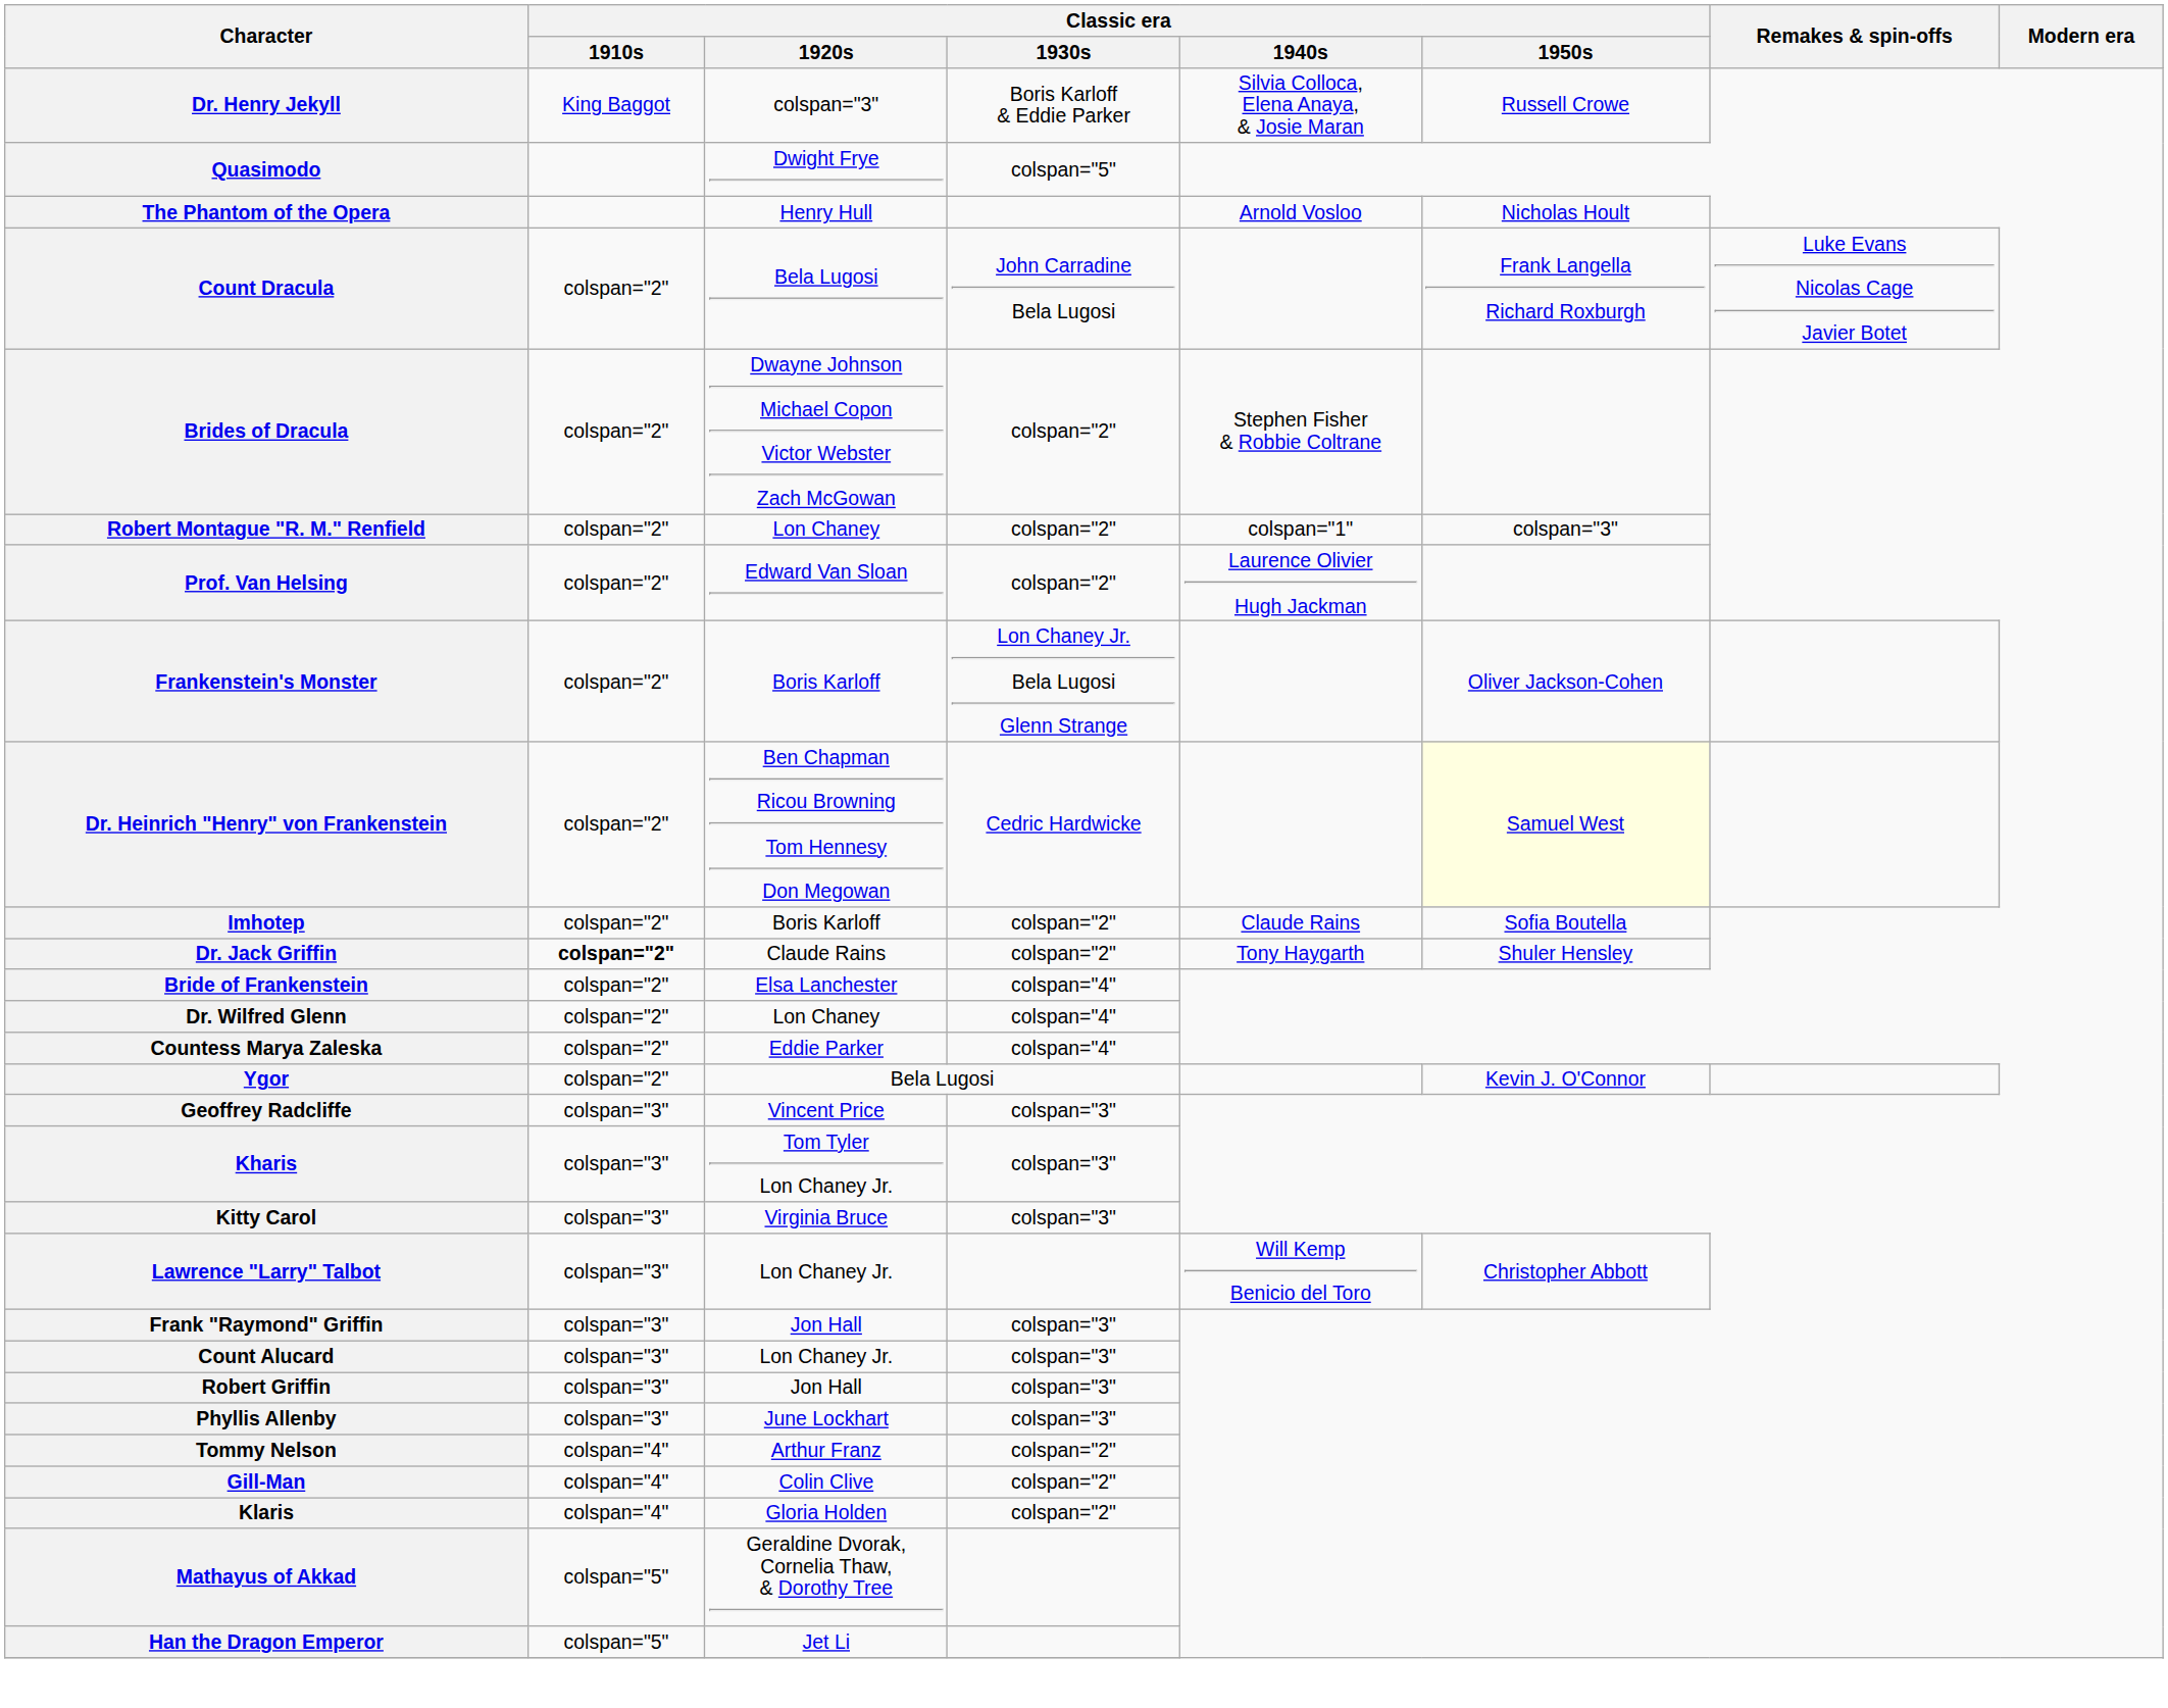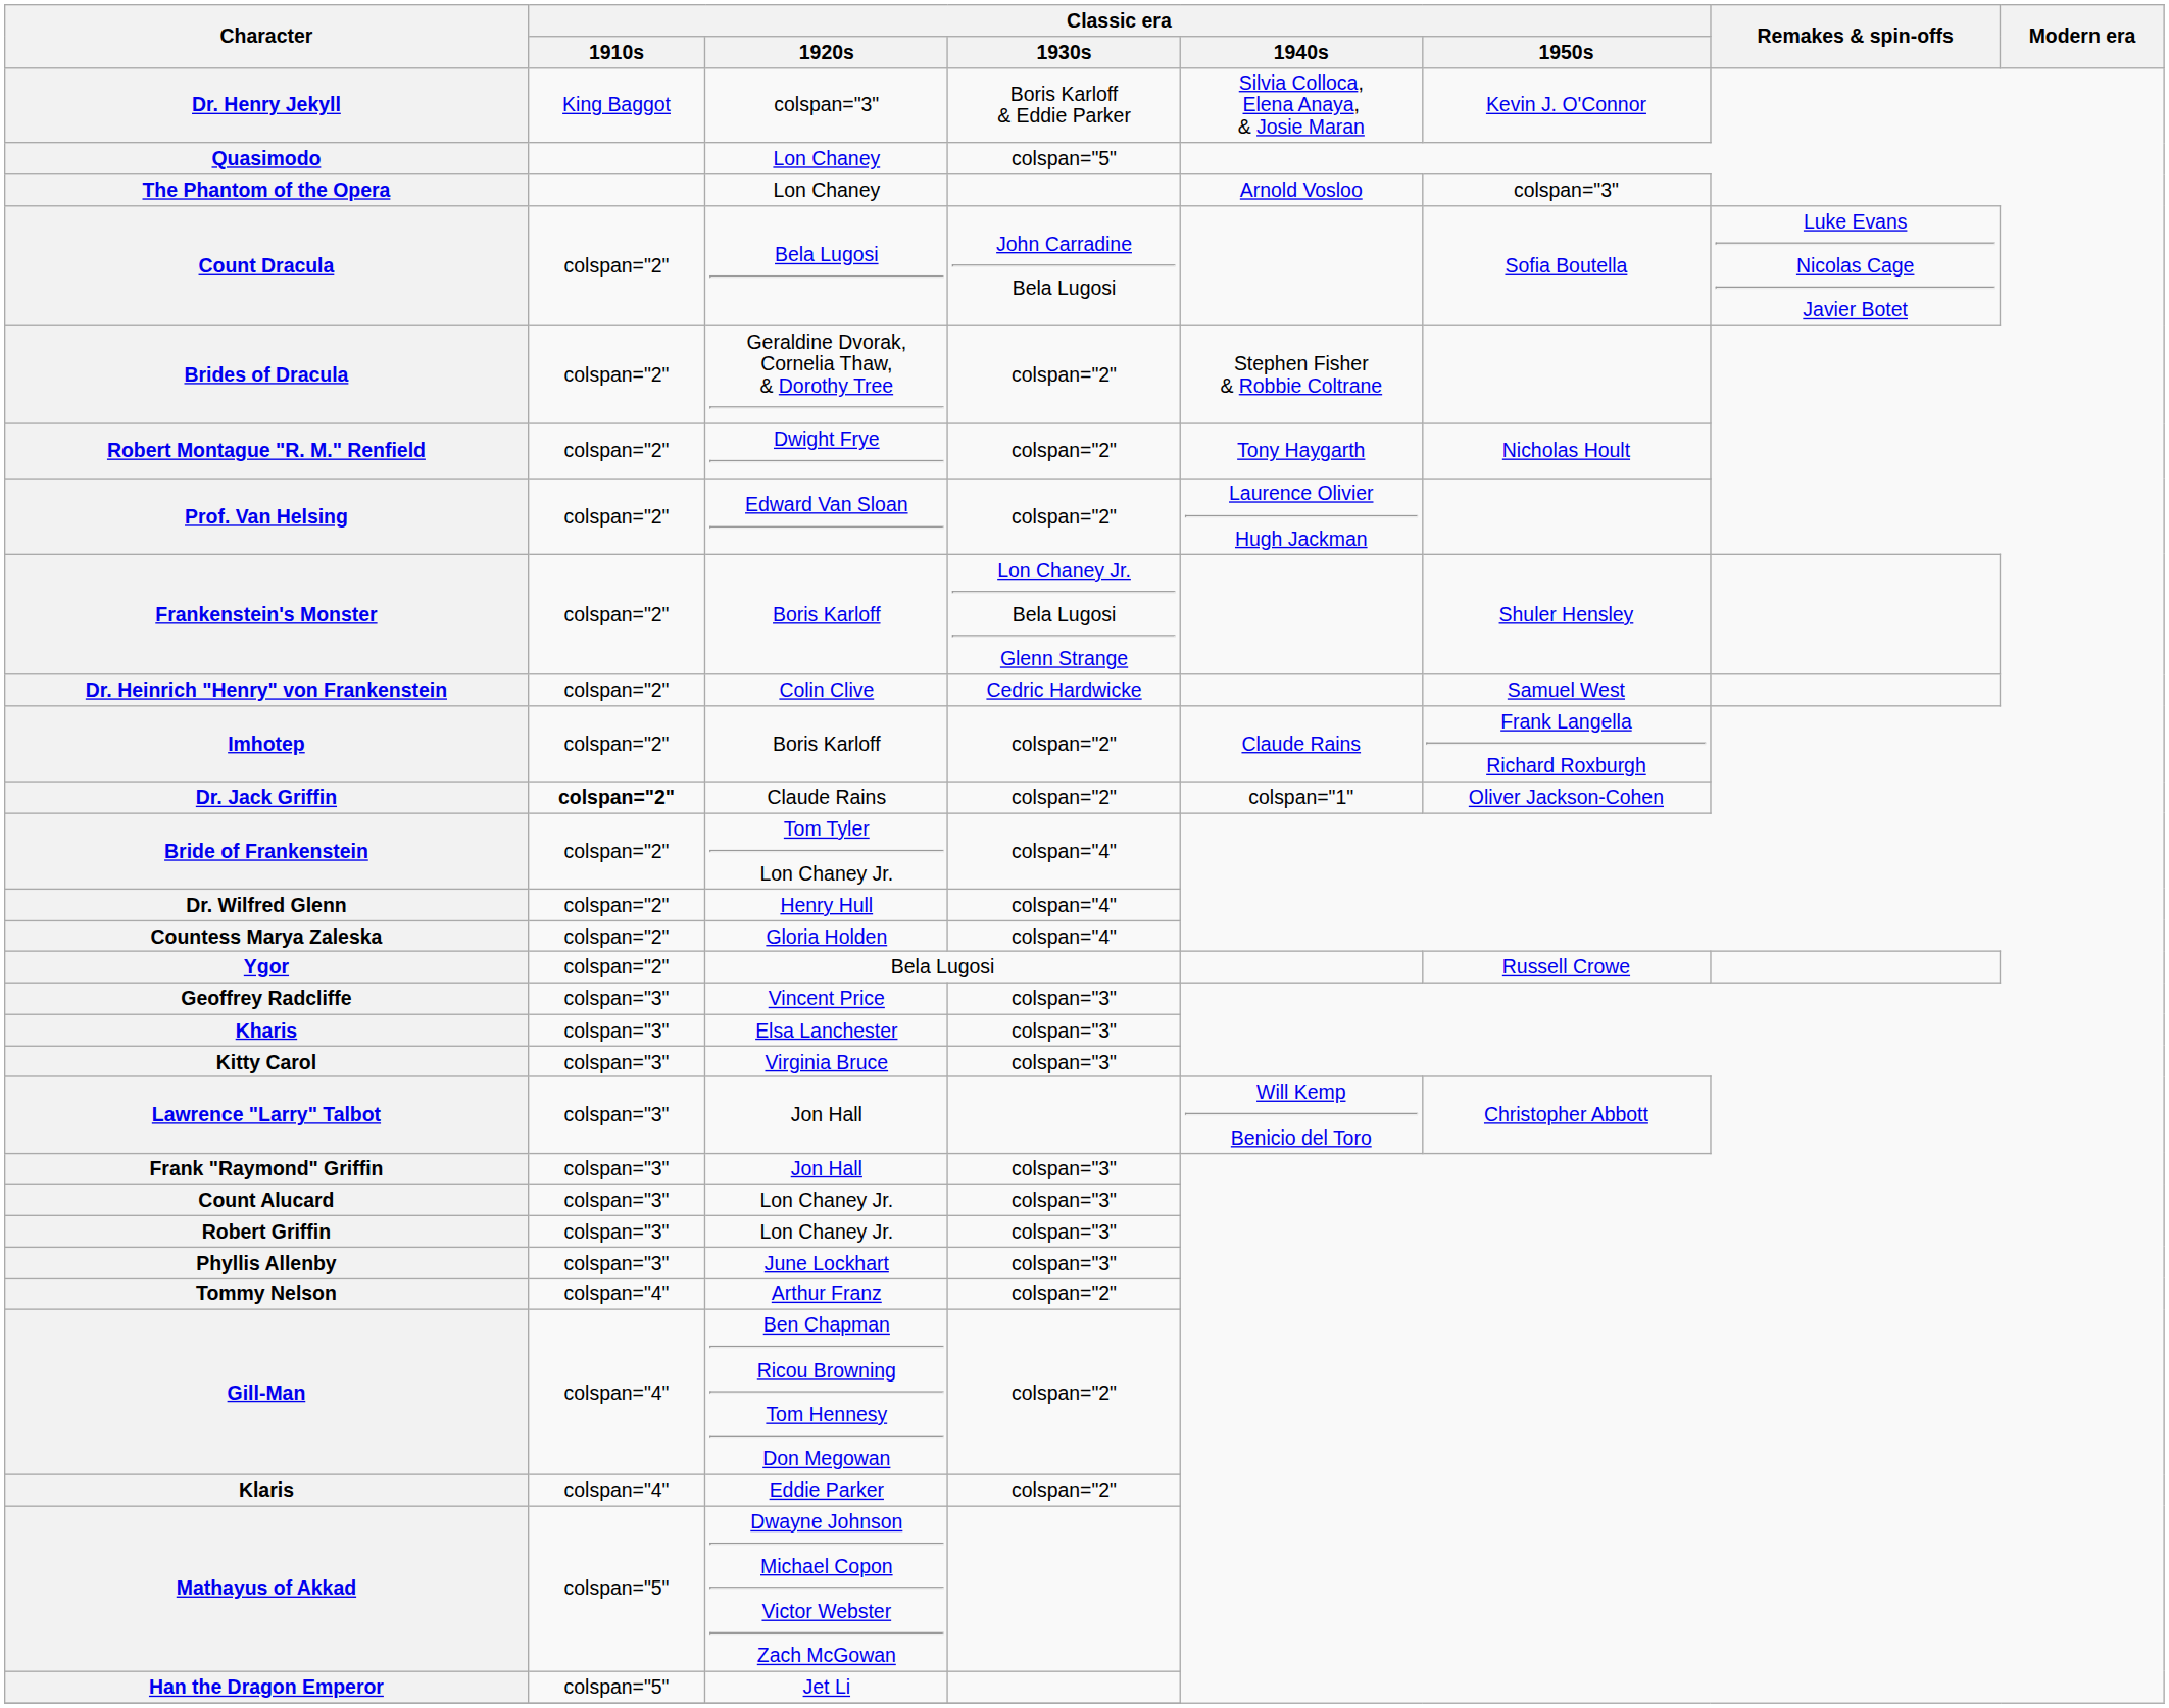 <table class="wikitable" style="text-align:center; width:99%; font-size:90%;">
 <tr>
 <th rowspan="2">Character</th>
 <th colspan="5">Classic era</th>
 <th rowspan="2">Remakes & spin-offs</th>
 <th rowspan="2">Modern era</th>
 </tr>
 <tr>
 <th>1910s</th>
 <th>1920s</th>
 <th>1930s</th>
 <th>1940s</th>
 <th>1950s</th>
 </tr>
 <tr>
 <th><a href='#'>Dr. Henry Jekyll<br></a></th>
 <td><a href='#'>King Baggot</a></td>
 <td>colspan="3" </td>
 <td>Boris Karloff <br>& Eddie Parker</td>
 <td><a href='#'>Silvia Colloca</a>, <br><a href='#'>Elena Anaya</a>, <br>& <a href='#'>Josie Maran</a></td>
-<td><a href='#'>Russell Crowe</a></td>
+<td><a href='#'>Kevin J. O'Connor</a></td>
 </tr>
 <tr>
 <th><a href='#'>Quasimodo <br></a></th>
 <td></td>
-<td><a href='#'>Dwight Frye</a> <hr></td>
+<td><a href='#'>Lon Chaney</a></td>
 <td>colspan="5" </td>
 </tr>
 <tr>
 <th><a href='#'>The Phantom of the Opera</a></th>
 <td></td>
-<td><a href='#'>Henry Hull</a></td>
+<td>Lon Chaney</td>
 <td></td>
 <td><a href='#'>Arnold Vosloo</a></td>
-<td><a href='#'>Nicholas Hoult</a></td>
+<td>colspan="3" </td>
 </tr>
 <tr>
 <th><a href='#'>Count Dracula</a></th>
 <td>colspan="2" </td>
 <td><a href='#'>Bela Lugosi</a><hr></td>
 <td><a href='#'>John Carradine</a> <hr>Bela Lugosi</td>
 <td></td>
-<td><a href='#'>Frank Langella</a><hr><a href='#'>Richard Roxburgh</a></td>
+<td><a href='#'>Sofia Boutella</a></td>
 <td><a href='#'>Luke Evans</a><hr><a href='#'>Nicolas Cage</a><hr><a href='#'>Javier Botet</a></td>
 </tr>
 <tr>
 <th><a href='#'>Brides of Dracula</a></th>
 <td>colspan="2" </td>
-<td><a href='#'>Dwayne Johnson</a> <hr><a href='#'>Michael Copon</a> <hr><a href='#'>Victor Webster</a> <hr><a href='#'>Zach McGowan</a></td>
+<td>Geraldine Dvorak, <br>Cornelia Thaw, <br>& <a href='#'>Dorothy Tree</a> <hr></td>
 <td>colspan="2" </td>
 <td>Stephen Fisher <br>& <a href='#'>Robbie Coltrane</a></td>
 <td></td>
 </tr>
 <tr>
 <th><a href='#'>Robert Montague "R. M." Renfield</a></th>
 <td>colspan="2" </td>
-<td><a href='#'>Lon Chaney</a></td>
+<td><a href='#'>Dwight Frye</a> <hr></td>
 <td>colspan="2" </td>
-<td>colspan="1" </td>
-<td>colspan="3" </td>
+<td><a href='#'>Tony Haygarth</a></td>
+<td><a href='#'>Nicholas Hoult</a></td>
 </tr>
 <tr>
 <th><a href='#'>Prof. Van Helsing</a></th>
 <td>colspan="2" </td>
 <td><a href='#'>Edward Van Sloan</a> <hr></td>
 <td>colspan="2" </td>
 <td><a href='#'>Laurence Olivier</a><hr><a href='#'>Hugh Jackman</a></td>
 <td></td>
 </tr>
 <tr>
 <th><a href='#'>Frankenstein's Monster</a></th>
 <td>colspan="2" </td>
 <td><a href='#'>Boris Karloff</a></td>
 <td><a href='#'>Lon Chaney Jr.</a><hr>Bela Lugosi<hr><a href='#'>Glenn Strange</a></td>
 <td></td>
-<td><a href='#'>Oliver Jackson-Cohen</a></td>
+<td><a href='#'>Shuler Hensley</a></td>
 <td></td>
 </tr>
 <tr>
 <th><a href='#'>Dr. Heinrich "Henry" von Frankenstein</a></th>
 <td>colspan="2" </td>
-<td><a href='#'>Ben Chapman</a> <hr><a href='#'>Ricou Browning</a> <hr><a href='#'>Tom Hennesy</a> <hr><a href='#'>Don Megowan</a></td>
+<td><a href='#'>Colin Clive</a></td>
 <td><a href='#'>Cedric Hardwicke</a></td>
 <td></td>
-<td style="background: lightyellow;"><a href='#'>Samuel West</a></td>
+<td><a href='#'>Samuel West</a></td>
 <td></td>
 </tr>
 <tr>
 <th><a href='#'>Imhotep<br></a></th>
 <td>colspan="2" </td>
 <td>Boris Karloff</td>
 <td>colspan="2" </td>
 <td><a href='#'>Claude Rains</a></td>
-<td><a href='#'>Sofia Boutella</a></td>
+<td><a href='#'>Frank Langella</a><hr><a href='#'>Richard Roxburgh</a></td>
 </tr>
 <tr>
 <th><a href='#'>Dr. Jack Griffin<br></a></th>
 <td><strong>colspan="2" </strong></td>
 <td>Claude Rains</td>
 <td>colspan="2" </td>
-<td><a href='#'>Tony Haygarth</a></td>
-<td><a href='#'>Shuler Hensley</a></td>
+<td>colspan="1" </td>
+<td><a href='#'>Oliver Jackson-Cohen</a></td>
 </tr>
 <tr>
 <th><a href='#'>Bride of Frankenstein</a></th>
 <td>colspan="2" </td>
-<td><a href='#'>Elsa Lanchester</a></td>
+<td><a href='#'>Tom Tyler</a> <hr>Lon Chaney Jr.</td>
 <td>colspan="4" </td>
 </tr>
 <tr>
 <th>Dr. Wilfred Glenn <br></th>
 <td>colspan="2" </td>
-<td>Lon Chaney</td>
+<td><a href='#'>Henry Hull</a></td>
 <td>colspan="4" </td>
 </tr>
 <tr>
 <th>Countess Marya Zaleska<br></th>
 <td>colspan="2" </td>
-<td><a href='#'>Eddie Parker</a></td>
+<td><a href='#'>Gloria Holden</a></td>
 <td>colspan="4" </td>
 </tr>
 <tr>
 <th><a href='#'>Ygor</a></th>
 <td>colspan="2" </td>
 <td colspan="2">Bela Lugosi</td>
 <td></td>
-<td><a href='#'>Kevin J. O'Connor</a></td>
+<td><a href='#'>Russell Crowe</a></td>
 <td></td>
 </tr>
 <tr>
 <th>Geoffrey Radcliffe<br></th>
 <td>colspan="3" </td>
 <td><a href='#'>Vincent Price</a></td>
 <td>colspan="3" </td>
 </tr>
 <tr>
 <th><a href='#'>Kharis<br></a></th>
 <td>colspan="3" </td>
-<td><a href='#'>Tom Tyler</a> <hr>Lon Chaney Jr.</td>
+<td><a href='#'>Elsa Lanchester</a></td>
 <td>colspan="3" </td>
 </tr>
 <tr>
 <th>Kitty Carol<br></th>
 <td>colspan="3" </td>
 <td><a href='#'>Virginia Bruce</a></td>
 <td>colspan="3" </td>
 </tr>
 <tr>
 <th><a href='#'>Lawrence "Larry" Talbot<br></a></th>
 <td>colspan="3" </td>
-<td>Lon Chaney Jr.</td>
+<td>Jon Hall</td>
 <td></td>
 <td><a href='#'>Will Kemp</a><hr><a href='#'>Benicio del Toro</a></td>
 <td><a href='#'>Christopher Abbott</a></td>
 </tr>
 <tr>
 <th>Frank "Raymond" Griffin<br></th>
 <td>colspan="3" </td>
 <td><a href='#'>Jon Hall</a></td>
 <td>colspan="3" </td>
 </tr>
 <tr>
 <th>Count Alucard<br></th>
 <td>colspan="3" </td>
 <td>Lon Chaney Jr.</td>
 <td>colspan="3" </td>
 </tr>
 <tr>
 <th>Robert Griffin<br></th>
 <td>colspan="3" </td>
-<td>Jon Hall</td>
+<td>Lon Chaney Jr.</td>
 <td>colspan="3" </td>
 </tr>
 <tr>
 <th>Phyllis Allenby<br></th>
 <td>colspan="3" </td>
 <td><a href='#'>June Lockhart</a></td>
 <td>colspan="3" </td>
 </tr>
 <tr>
 <th>Tommy Nelson<br></th>
 <td>colspan="4" </td>
 <td><a href='#'>Arthur Franz</a></td>
 <td>colspan="2" </td>
 </tr>
 <tr>
 <th><a href='#'>Gill-Man<br></a></th>
 <td>colspan="4" </td>
-<td><a href='#'>Colin Clive</a></td>
+<td><a href='#'>Ben Chapman</a> <hr><a href='#'>Ricou Browning</a> <hr><a href='#'>Tom Hennesy</a> <hr><a href='#'>Don Megowan</a></td>
 <td>colspan="2" </td>
 </tr>
 <tr>
 <th>Klaris<br></th>
 <td>colspan="4" </td>
-<td><a href='#'>Gloria Holden</a></td>
+<td><a href='#'>Eddie Parker</a></td>
 <td>colspan="2" </td>
 </tr>
 <tr>
 <th><a href='#'>Mathayus of Akkad<br></a></th>
 <td>colspan="5" </td>
-<td>Geraldine Dvorak, <br>Cornelia Thaw, <br>& <a href='#'>Dorothy Tree</a> <hr></td>
+<td><a href='#'>Dwayne Johnson</a> <hr><a href='#'>Michael Copon</a> <hr><a href='#'>Victor Webster</a> <hr><a href='#'>Zach McGowan</a></td>
 <td></td>
 </tr>
 <tr>
 <th><a href='#'>Han the Dragon Emperor <br></a></th>
 <td>colspan="5" </td>
 <td><a href='#'>Jet Li</a></td>
 <td></td>
 </tr>
 <tr>
 </tr>
 </table>
